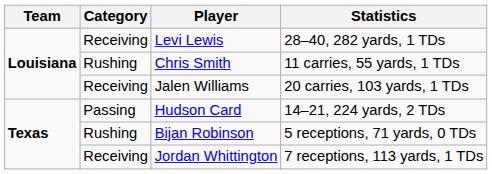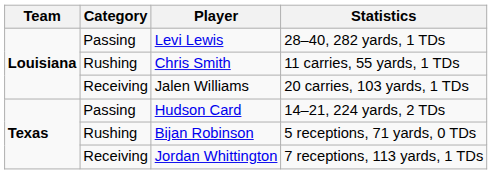 <table class="wikitable" style="float: right;">
 <tr>
 <th>Team</th>
 <th>Category</th>
 <th>Player</th>
 <th>Statistics</th>
 </tr>
 <tr>
 <td rowspan=3><strong>Louisiana</strong></td>
-<td>Receiving</td>
+<td>Passing</td>
 <td><a href='#'>Levi Lewis</a></td>
 <td>28–40, 282 yards, 1 TDs</td>
 </tr>
 <tr>
 <td>Rushing</td>
 <td><a href='#'>Chris Smith</a></td>
 <td>11 carries, 55 yards, 1 TDs</td>
 </tr>
 <tr>
 <td>Receiving</td>
 <td>Jalen Williams</td>
 <td>20 carries, 103 yards, 1 TDs</td>
 </tr>
 <tr>
 <td rowspan=3><strong>Texas</strong></td>
 <td>Passing</td>
 <td><a href='#'>Hudson Card</a></td>
 <td>14–21, 224 yards, 2 TDs</td>
 </tr>
 <tr>
 <td>Rushing</td>
 <td><a href='#'>Bijan Robinson</a></td>
 <td>5 receptions, 71 yards, 0 TDs</td>
 </tr>
 <tr>
 <td>Receiving</td>
 <td><a href='#'>Jordan Whittington</a></td>
 <td>7 receptions, 113 yards, 1 TDs</td>
 </tr>
 </table>
